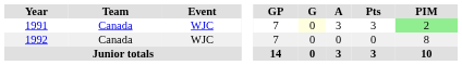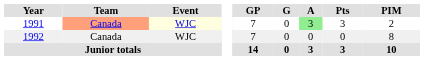 <table border="0" cellpadding="1" cellspacing="0" style="text-align:center; width:40em">
 <tr ALIGN="center" bgcolor="#e0e0e0">
 <th>Year</th>
 <th>Team</th>
 <th>Event</th>
 <th rowspan="99" bgcolor="#ffffff"> </th>
 <th>GP</th>
 <th>G</th>
 <th>A</th>
 <th>Pts</th>
 <th>PIM</th>
 </tr>
 <tr>
 <td><a href='#'>1991</a></td>
-<td><a href='#'>Canada</a></td>
-<td><a href='#'>WJC</a></td>
+<td style="background: lightsalmon;"><a href='#'>Canada</a></td>
+<td style="background: lightyellow;"><a href='#'>WJC</a></td>
 <td>7</td>
-<td style="background: lightyellow;">0</td>
+<td>0</td>
+<td style="background: lightgreen;">3</td>
 <td>3</td>
-<td>3</td>
-<td style="background: lightgreen;">2</td>
+<td>2</td>
 </tr>
 <tr bgcolor="#f0f0f0">
 <td><a href='#'>1992</a></td>
 <td>Canada</td>
 <td>WJC</td>
 <td>7</td>
 <td>0</td>
 <td>0</td>
 <td>0</td>
 <td>8</td>
 </tr>
 <tr bgcolor="#e0e0e0">
 <th colspan="3">Junior totals</th>
 <th>14</th>
 <th>0</th>
 <th>3</th>
 <th>3</th>
 <th>10</th>
 </tr>
 </table>
